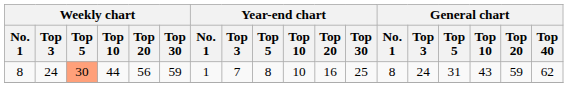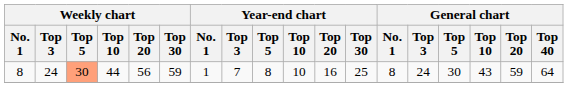 <table class="wikitable" style="text-align:center;">
 <tr>
 <th colspan="6">Weekly chart</th>
 <th colspan="6">Year-end chart</th>
 <th colspan="6">General chart</th>
 </tr>
 <tr>
 <th width="30">No. 1</th>
 <th width="30">Top 3</th>
 <th width="30">Top 5</th>
 <th width="30">Top 10</th>
 <th width="30">Top 20</th>
 <th width="30">Top 30</th>
 <th width="30">No. 1</th>
 <th width="30">Top 3</th>
 <th width="30">Top 5</th>
 <th width="30">Top 10</th>
 <th width="30">Top 20</th>
 <th width="30">Top 30</th>
 <th width="30">No. 1</th>
 <th width="30">Top 3</th>
 <th width="30">Top 5</th>
 <th width="30">Top 10</th>
 <th width="30">Top 20</th>
 <th width="30">Top 40</th>
 </tr>
 <tr>
 <td>8</td>
 <td>24</td>
 <td style="background: lightsalmon;">30</td>
 <td>44</td>
 <td>56</td>
 <td>59</td>
 <td>1</td>
 <td>7</td>
 <td>8</td>
 <td>10</td>
 <td>16</td>
 <td>25</td>
 <td>8</td>
 <td>24</td>
-<td>31</td>
+<td>30</td>
 <td>43</td>
 <td>59</td>
-<td>62</td>
+<td>64</td>
 </tr>
 <tr>
 </tr>
 </table>
